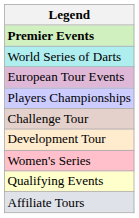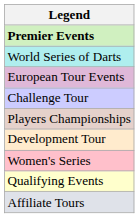 <table class="wikitable">
 <tr>
 <th>Legend</th>
 </tr>
 <tr style="background:#d0f0c0;">
 <td><strong>Premier Events</strong></td>
 </tr>
 <tr style="background:#afeeee;">
 <td>World Series of Darts</td>
 </tr>
 <tr style="background:#dfb8d8">
 <td>European Tour Events</td>
 </tr>
 <tr style="background:#ccf;">
-<td>Players Championships</td>
+<td>Challenge Tour</td>
 </tr>
 <tr style="background:#e5d1cb;">
-<td>Challenge Tour</td>
+<td>Players Championships</td>
 </tr>
 <tr style="background:#ffebcd;">
 <td>Development Tour</td>
 </tr>
 <tr style="background:#ffc0cb;">
 <td>Women's Series</td>
 </tr>
 <tr style="background:#ffffcc;">
 <td>Qualifying Events</td>
 </tr>
 <tr style="background:#dfe2e9;">
 <td>Affiliate Tours</td>
 </tr>
 </table>
